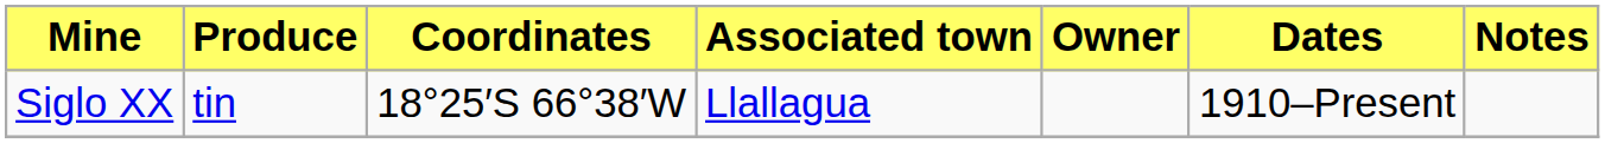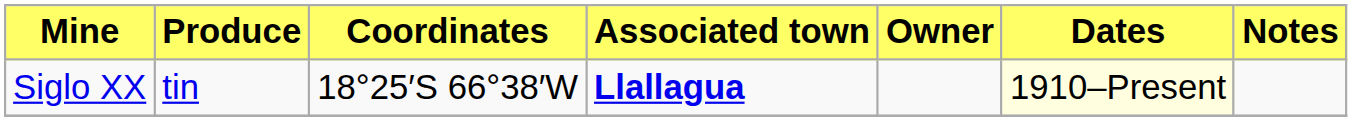 <table class="sortable wikitable">
 <tr align="center" bgcolor="#FFFF66">
 <td><strong>Mine</strong></td>
 <td><strong>Produce</strong></td>
 <td><strong>Coordinates</strong></td>
 <td><strong>Associated town</strong></td>
 <td><strong>Owner</strong></td>
 <td><strong>Dates</strong></td>
 <td><strong>Notes</strong></td>
 </tr>
 <tr>
 <td><a href='#'>Siglo XX</a></td>
 <td><a href='#'>tin</a></td>
 <td>18°25′S 66°38′W</td>
-<td><a href='#'>Llallagua</a></td>
+<td><strong><a href='#'>Llallagua</a></strong></td>
 <td></td>
-<td>1910–Present</td>
+<td style="background: lightyellow;">1910–Present</td>
 <td></td>
 </tr>
 <tr>
 </tr>
 </table>
